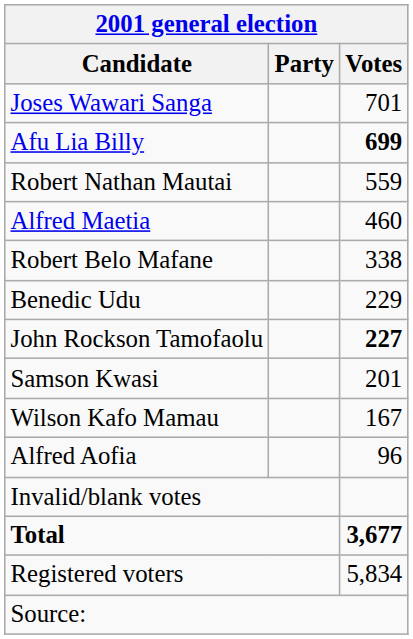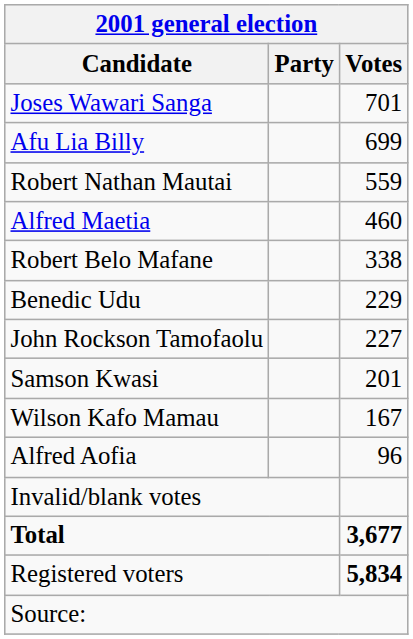 <table class=wikitable style=text-align:left>
 <tr>
 <th colspan=3><a href='#'>2001 general election</a></th>
 </tr>
 <tr>
 <th>Candidate</th>
 <th>Party</th>
 <th>Votes</th>
 </tr>
 <tr>
 <td><a href='#'>Joses Wawari Sanga</a></td>
 <td></td>
 <td align=right>701</td>
 </tr>
 <tr>
 <td><a href='#'>Afu Lia Billy</a></td>
 <td></td>
-<td align=right><strong>699</strong></td>
+<td align=right>699</td>
 </tr>
 <tr>
 <td>Robert Nathan Mautai</td>
 <td></td>
 <td align=right>559</td>
 </tr>
 <tr>
 <td><a href='#'>Alfred Maetia</a></td>
 <td></td>
 <td align=right>460</td>
 </tr>
 <tr>
 <td>Robert Belo Mafane</td>
 <td></td>
 <td align=right>338</td>
 </tr>
 <tr>
 <td>Benedic Udu</td>
 <td></td>
 <td align=right>229</td>
 </tr>
 <tr>
 <td>John Rockson Tamofaolu</td>
 <td></td>
-<td align=right><strong>227</strong></td>
+<td align=right>227</td>
 </tr>
 <tr>
 <td>Samson Kwasi</td>
 <td></td>
 <td align=right>201</td>
 </tr>
 <tr>
 <td>Wilson Kafo Mamau</td>
 <td></td>
 <td align=right>167</td>
 </tr>
 <tr>
 <td>Alfred Aofia</td>
 <td></td>
 <td align=right>96</td>
 </tr>
 <tr>
 <td colspan=2>Invalid/blank votes</td>
 <td></td>
 </tr>
 <tr>
 <td colspan=2><strong>Total</strong></td>
 <td align=right><strong>3,677</strong></td>
 </tr>
 <tr>
 <td colspan=2>Registered voters</td>
-<td align=right>5,834</td>
+<td align=right><strong>5,834</strong></td>
 </tr>
 <tr>
 <td colspan=3>Source: </td>
 </tr>
 </table>
